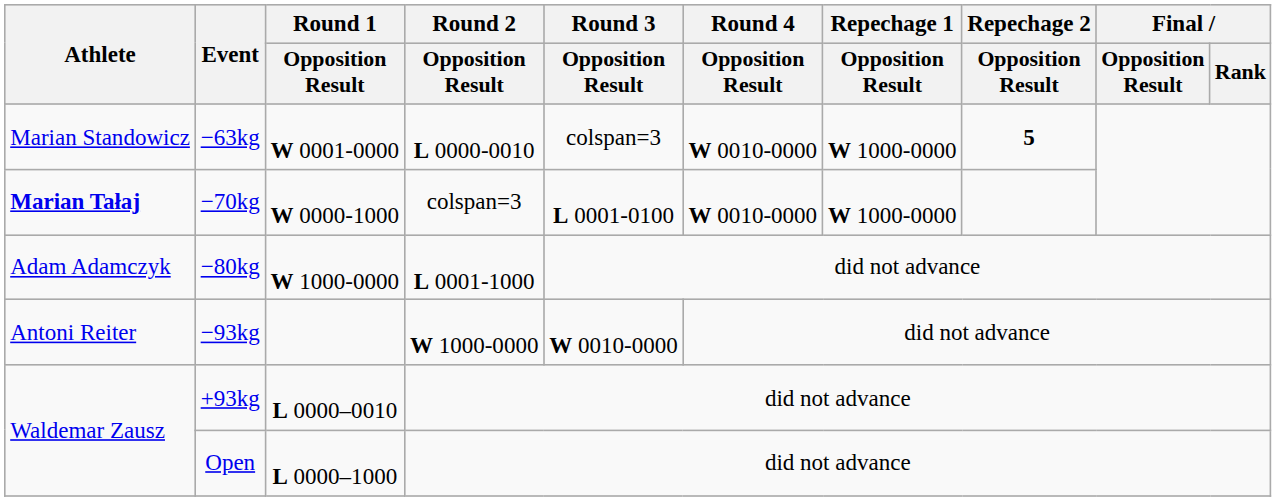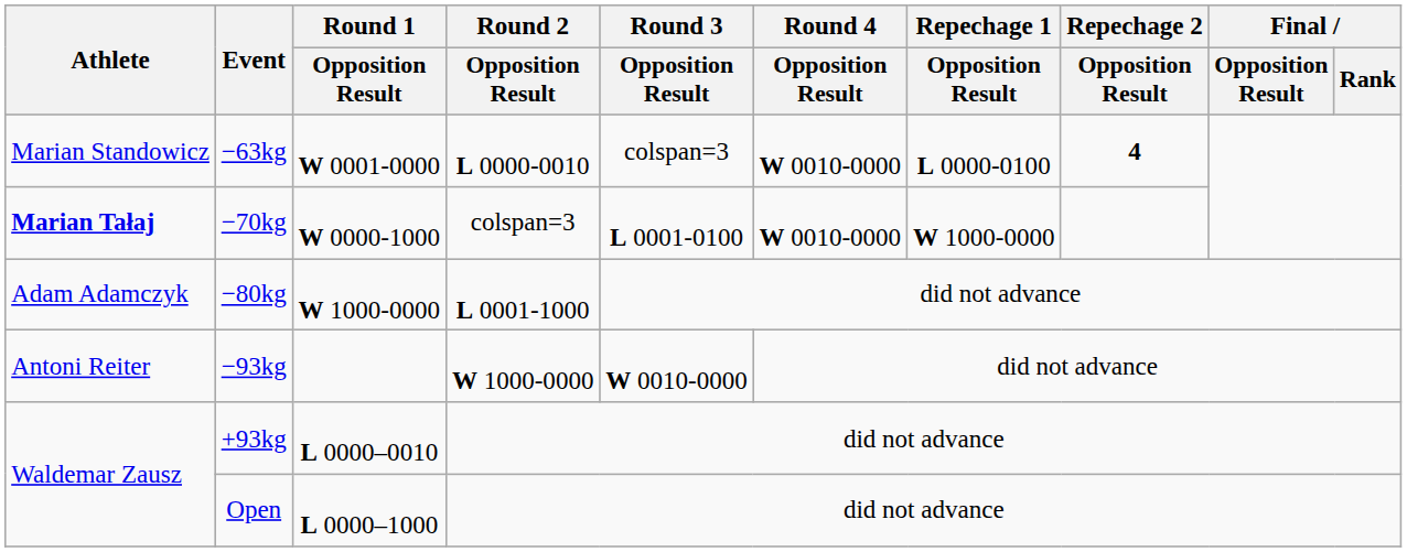 <table class="wikitable" style="font-size:90%">
 <tr>
 <th rowspan="2">Athlete</th>
 <th rowspan="2">Event</th>
 <th>Round 1</th>
 <th>Round 2</th>
 <th>Round 3</th>
 <th>Round 4</th>
 <th>Repechage 1</th>
 <th>Repechage 2</th>
 <th colspan=2>Final / </th>
 </tr>
 <tr style="font-size:95%">
 <th>Opposition<br>Result</th>
 <th>Opposition<br>Result</th>
 <th>Opposition<br>Result</th>
 <th>Opposition<br>Result</th>
 <th>Opposition<br>Result</th>
 <th>Opposition<br>Result</th>
 <th>Opposition<br>Result</th>
 <th>Rank</th>
 </tr>
 <tr align=center>
 <td align=left><a href='#'>Marian Standowicz</a></td>
 <td align=left><a href='#'>−63kg</a></td>
 <td><br><strong>W</strong> 0001-0000</td>
 <td><br><strong>L</strong> 0000-0010</td>
 <td>colspan=3 </td>
 <td><br><strong>W</strong> 0010-0000</td>
-<td><br><strong>W</strong> 1000-0000</td>
-<td><strong>5</strong></td>
+<td><br><strong>L</strong> 0000-0100</td>
+<td><strong>4</strong></td>
 </tr>
 <tr align=center>
 <td align=left><strong><a href='#'>Marian Tałaj</a></strong></td>
 <td align=left><a href='#'>−70kg</a></td>
 <td><br><strong>W</strong> 0000-1000</td>
 <td>colspan=3 </td>
 <td><br><strong>L</strong> 0001-0100</td>
 <td><br><strong>W</strong> 0010-0000</td>
 <td><br><strong>W</strong> 1000-0000</td>
 <td></td>
 </tr>
 <tr align=center>
 <td align=left><a href='#'>Adam Adamczyk</a></td>
 <td align=left><a href='#'>−80kg</a></td>
 <td><br><strong>W</strong> 1000-0000</td>
 <td><br><strong>L</strong> 0001-1000</td>
 <td colspan=6>did not advance</td>
 </tr>
 <tr align=center>
 <td align=left><a href='#'>Antoni Reiter</a></td>
 <td align=left><a href='#'>−93kg</a></td>
 <td></td>
 <td><br><strong>W</strong> 1000-0000</td>
 <td><br><strong>W</strong> 0010-0000</td>
 <td colspan=5>did not advance</td>
 </tr>
 <tr align=center>
 <td align=left rowspan=2><a href='#'>Waldemar Zausz</a></td>
 <td align=left><a href='#'>+93kg</a></td>
 <td><br><strong>L</strong> 0000–0010</td>
 <td colspan=7>did not advance</td>
 </tr>
 <tr align=center>
 <td><a href='#'>Open</a></td>
 <td><br><strong>L</strong> 0000–1000</td>
 <td colspan=7>did not advance</td>
 </tr>
 </table>
